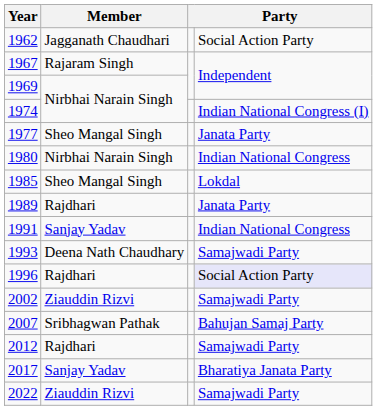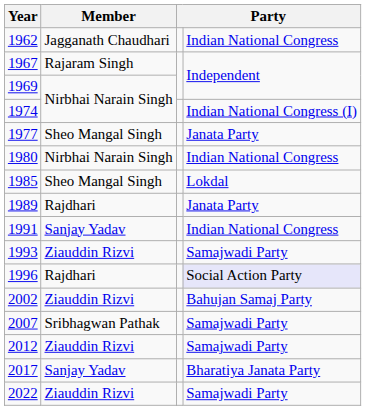 <table class="wikitable">
 <tr>
 <th>Year</th>
 <th>Member</th>
 <th colspan="2">Party</th>
 </tr>
 <tr>
 <td><a href='#'>1962</a></td>
 <td>Jagganath Chaudhari</td>
 <td style="background-color: "></td>
-<td>Social Action Party</td>
+<td><a href='#'>Indian National Congress</a></td>
 </tr>
 <tr>
 <td><a href='#'>1967</a></td>
 <td>Rajaram Singh</td>
 <td rowspan="2" style="background-color: "></td>
 <td rowspan="2"><a href='#'>Independent</a></td>
 </tr>
 <tr>
 <td><a href='#'>1969</a></td>
 <td rowspan="2">Nirbhai Narain Singh</td>
 </tr>
 <tr>
 <td><a href='#'>1974</a></td>
 <td style="background-color: "></td>
 <td><a href='#'>Indian National Congress (I)</a></td>
 </tr>
 <tr>
 <td><a href='#'>1977</a></td>
 <td>Sheo Mangal Singh</td>
 <td style="background-color: "></td>
 <td><a href='#'>Janata Party</a></td>
 </tr>
 <tr>
 <td><a href='#'>1980</a></td>
 <td>Nirbhai Narain Singh</td>
 <td style="background-color: "></td>
 <td><a href='#'>Indian National Congress</a></td>
 </tr>
 <tr>
 <td><a href='#'>1985</a></td>
 <td>Sheo Mangal Singh</td>
 <td style="background-color: "></td>
 <td><a href='#'>Lokdal</a></td>
 </tr>
 <tr>
 <td><a href='#'>1989</a></td>
 <td>Rajdhari</td>
 <td style="background-color: "></td>
 <td><a href='#'>Janata Party</a></td>
 </tr>
 <tr>
 <td><a href='#'>1991</a></td>
 <td><a href='#'>Sanjay Yadav</a></td>
 <td style="background-color: "></td>
 <td><a href='#'>Indian National Congress</a></td>
 </tr>
 <tr>
 <td><a href='#'>1993</a></td>
-<td>Deena Nath Chaudhary</td>
+<td><a href='#'>Ziauddin Rizvi</a></td>
 <td style="background-color: "></td>
 <td><a href='#'>Samajwadi Party</a></td>
 </tr>
 <tr>
 <td><a href='#'>1996</a></td>
 <td>Rajdhari</td>
 <td style="background-color: "></td>
 <td style="background: lavender;">Social Action Party</td>
 </tr>
 <tr>
 <td><a href='#'>2002</a></td>
 <td><a href='#'>Ziauddin Rizvi</a></td>
 <td style="background-color: "></td>
-<td><a href='#'>Samajwadi Party</a></td>
+<td><a href='#'>Bahujan Samaj Party</a></td>
 </tr>
 <tr>
 <td><a href='#'>2007</a></td>
 <td>Sribhagwan Pathak</td>
 <td style="background-color: "></td>
-<td><a href='#'>Bahujan Samaj Party</a></td>
+<td><a href='#'>Samajwadi Party</a></td>
 </tr>
 <tr>
 <td><a href='#'>2012</a></td>
-<td>Rajdhari</td>
+<td><a href='#'>Ziauddin Rizvi</a></td>
 <td style="background-color: "></td>
 <td><a href='#'>Samajwadi Party</a></td>
 </tr>
 <tr>
 <td><a href='#'>2017</a></td>
 <td><a href='#'>Sanjay Yadav</a></td>
 <td style="background-color: "></td>
 <td><a href='#'>Bharatiya Janata Party</a></td>
 </tr>
 <tr>
 <td><a href='#'>2022</a></td>
 <td><a href='#'>Ziauddin Rizvi</a></td>
 <td style="background-color: "></td>
 <td><a href='#'>Samajwadi Party</a></td>
 </tr>
 </table>
